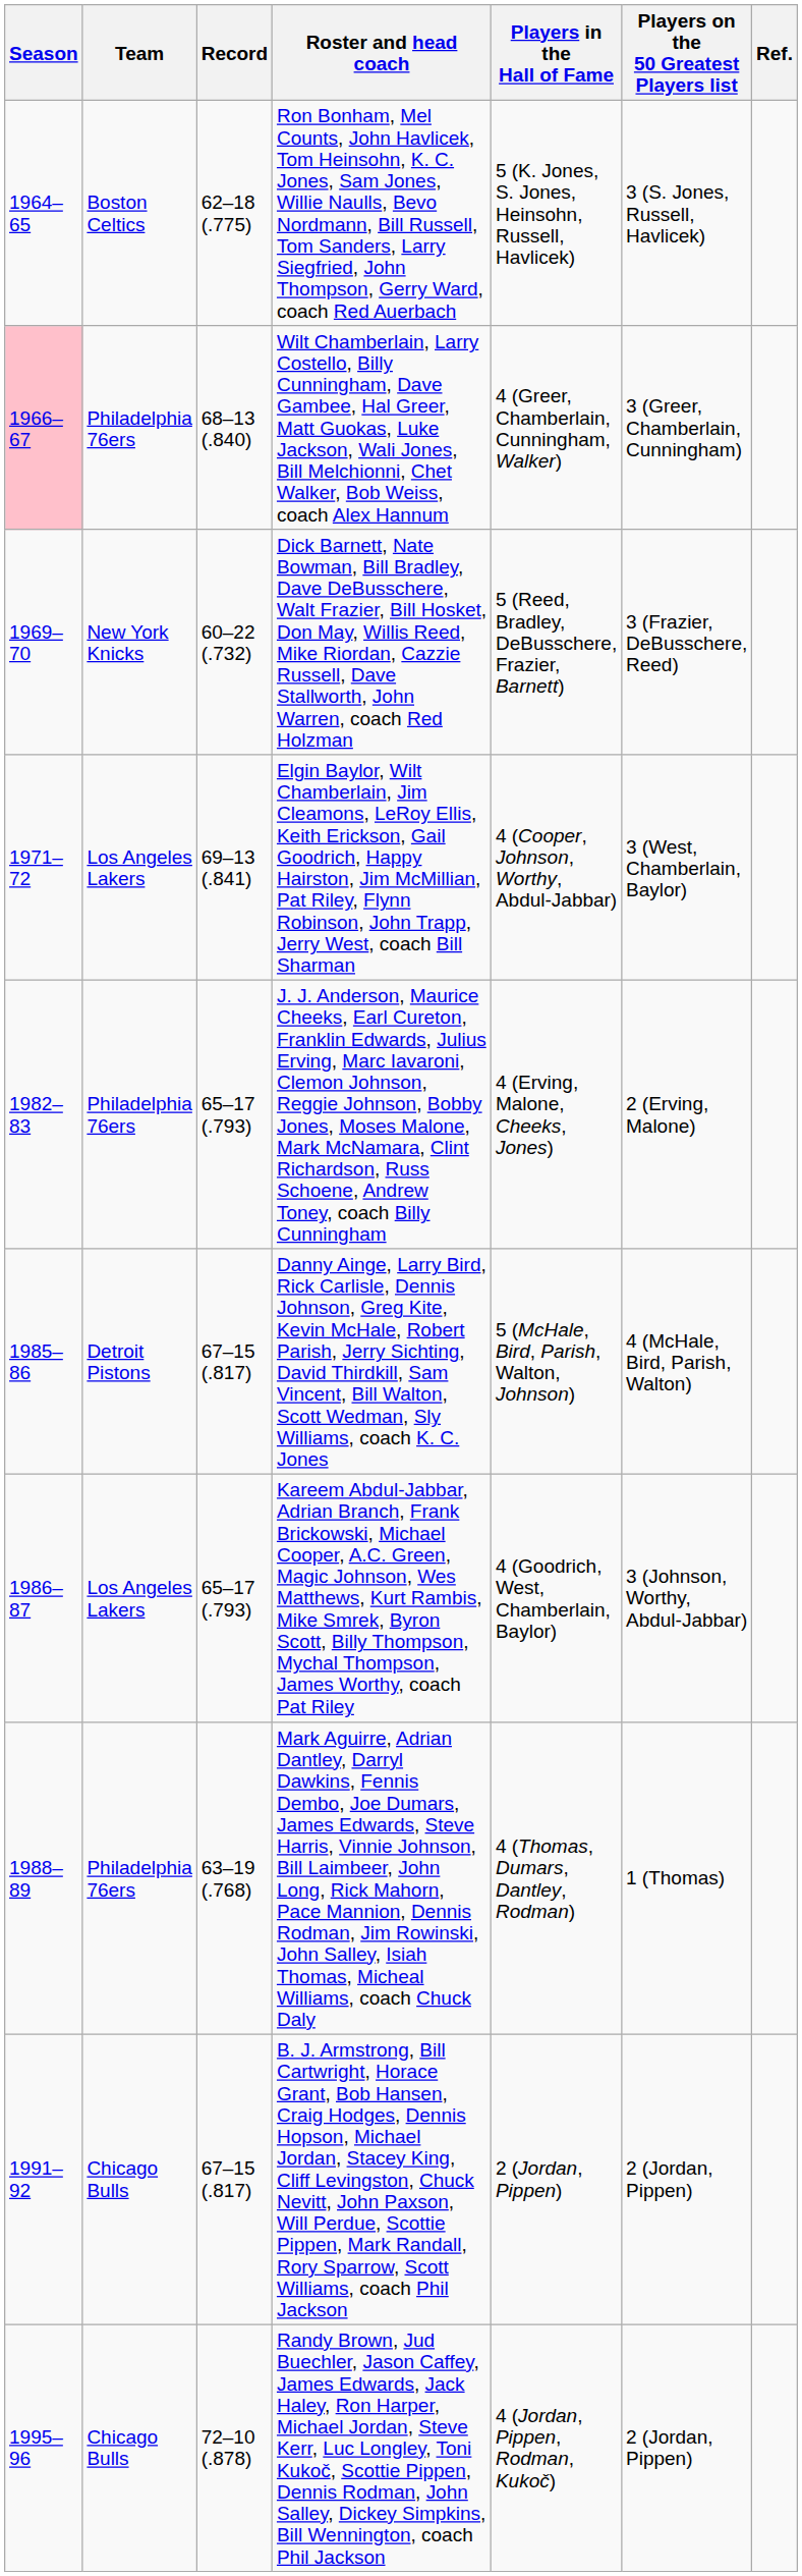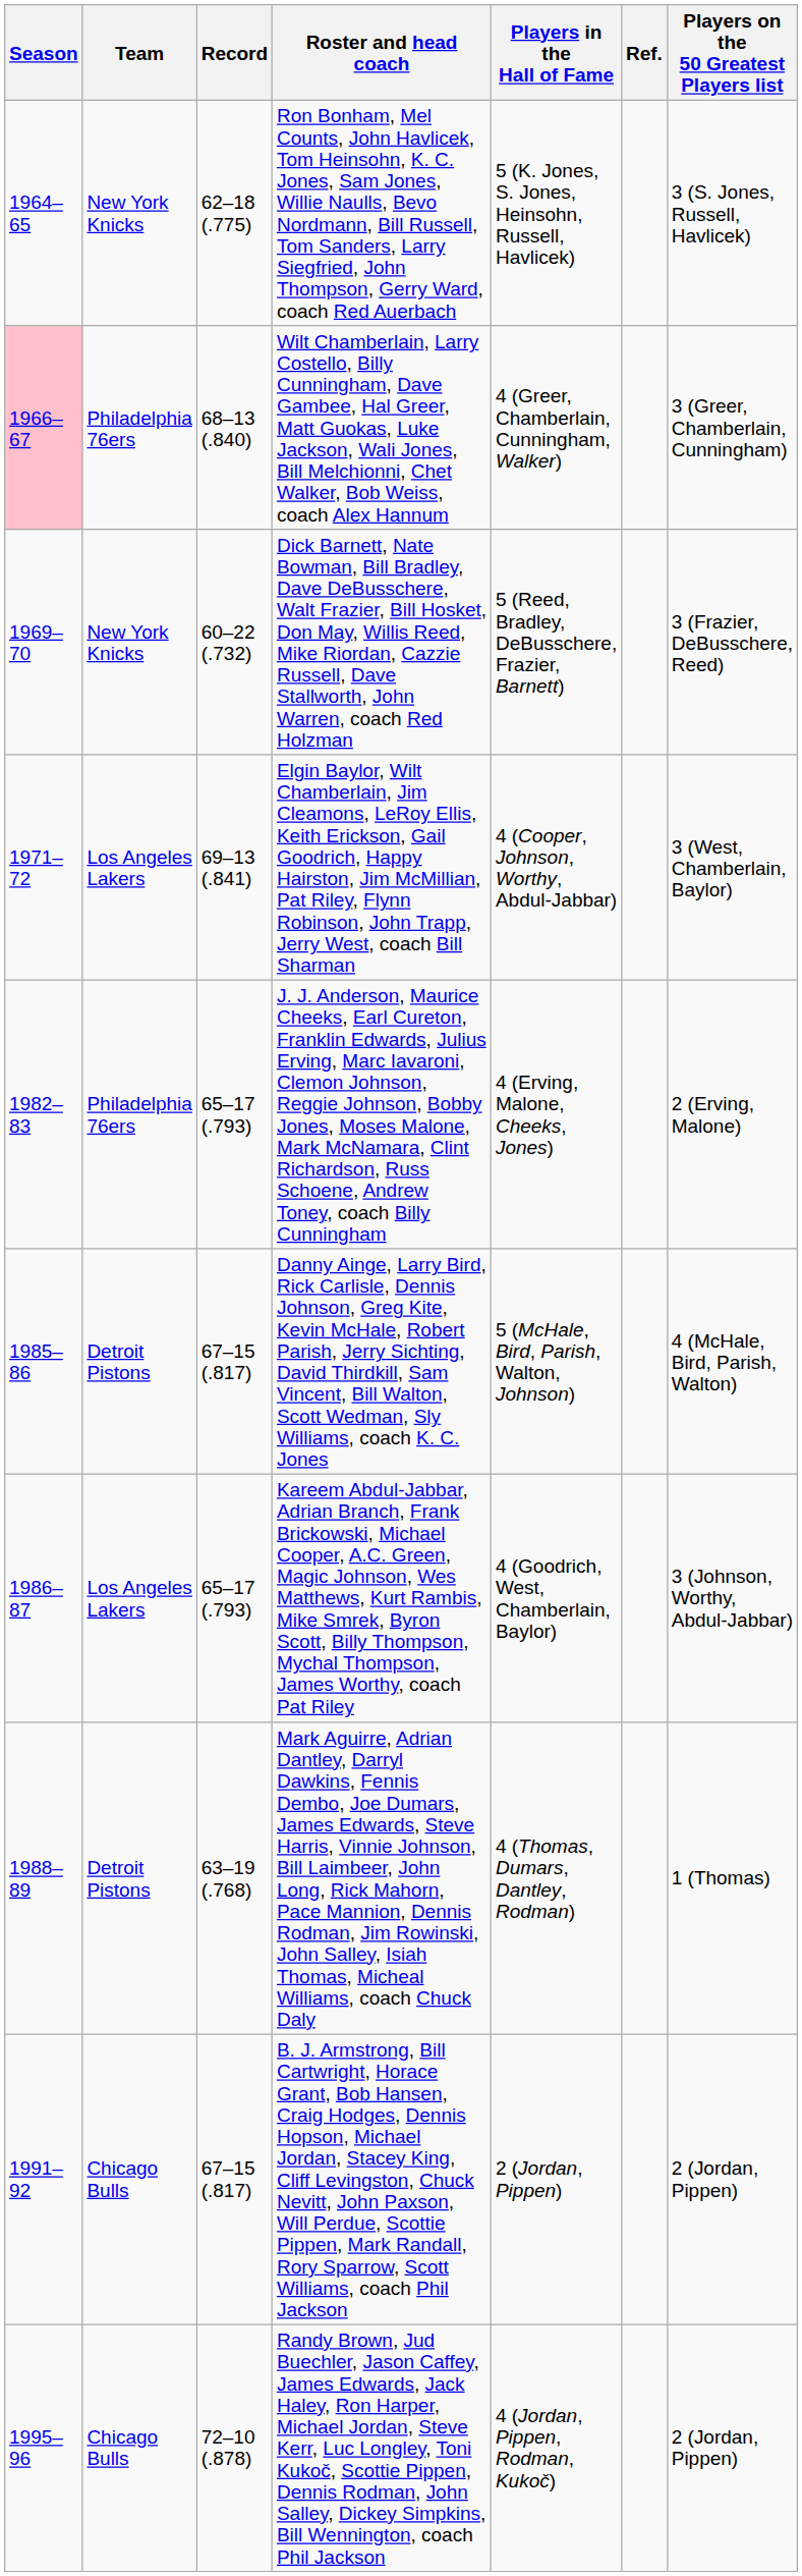 <table class="wikitable sortable" style="font-size:95%; width:100%">
 <tr>
 <th style="width:6%;"><a href='#'>Season</a></th>
 <th style="width:10%;">Team</th>
 <th style="width:4%;">Record</th>
 <th style="width:36%;" class="unsortable">Roster and <a href='#'>head coach</a></th>
 <th style="width:16%;"><a href='#'>Players</a> in the<br> <a href='#'>Hall of Fame</a></th>
+<th style="width:2%;" class="unsortable">Ref.</th>
 <th style="width:16%;">Players on the<br><a href='#'>50 Greatest Players list</a></th>
-<th style="width:2%;" class="unsortable">Ref.</th>
 </tr>
 <tr>
 <td><a href='#'>1964–65</a></td>
-<td><a href='#'>Boston Celtics</a></td>
+<td><a href='#'>New York Knicks</a></td>
 <td> 62–18 (.775)</td>
 <td><a href='#'>Ron Bonham</a>, <a href='#'>Mel Counts</a>, <a href='#'>John Havlicek</a>, <a href='#'>Tom Heinsohn</a>, <a href='#'>K. C. Jones</a>, <a href='#'>Sam Jones</a>, <a href='#'>Willie Naulls</a>, <a href='#'>Bevo Nordmann</a>, <a href='#'>Bill Russell</a>, <a href='#'>Tom Sanders</a>, <a href='#'>Larry Siegfried</a>, <a href='#'>John Thompson</a>, <a href='#'>Gerry Ward</a>, coach <a href='#'>Red Auerbach</a></td>
 <td> 5 (K. Jones, S. Jones, Heinsohn, Russell, Havlicek)</td>
+<td align=center></td>
 <td> 3 (S. Jones, Russell, Havlicek)</td>
-<td align=center></td>
 </tr>
 <tr>
 <td style="background: pink;"><a href='#'>1966–67</a></td>
 <td><a href='#'>Philadelphia 76ers</a></td>
 <td> 68–13 (.840)</td>
 <td><a href='#'>Wilt Chamberlain</a>, <a href='#'>Larry Costello</a>, <a href='#'>Billy Cunningham</a>, <a href='#'>Dave Gambee</a>, <a href='#'>Hal Greer</a>, <a href='#'>Matt Guokas</a>, <a href='#'>Luke Jackson</a>, <a href='#'>Wali Jones</a>, <a href='#'>Bill Melchionni</a>, <a href='#'>Chet Walker</a>, <a href='#'>Bob Weiss</a>, coach <a href='#'>Alex Hannum</a></td>
 <td> 4 (Greer, Chamberlain, Cunningham, <em>Walker</em>)</td>
+<td align=center></td>
 <td> 3 (Greer, Chamberlain, Cunningham)</td>
-<td align=center></td>
 </tr>
 <tr>
 <td><a href='#'>1969–70</a></td>
 <td><a href='#'>New York Knicks</a></td>
 <td> 60–22 (.732)</td>
 <td><a href='#'>Dick Barnett</a>, <a href='#'>Nate Bowman</a>, <a href='#'>Bill Bradley</a>, <a href='#'>Dave DeBusschere</a>, <a href='#'>Walt Frazier</a>, <a href='#'>Bill Hosket</a>, <a href='#'>Don May</a>, <a href='#'>Willis Reed</a>, <a href='#'>Mike Riordan</a>, <a href='#'>Cazzie Russell</a>, <a href='#'>Dave Stallworth</a>, <a href='#'>John Warren</a>, coach <a href='#'>Red Holzman</a></td>
 <td> 5 (Reed, Bradley, DeBusschere, Frazier, <em>Barnett</em>)</td>
+<td align=center></td>
 <td> 3 (Frazier, DeBusschere, Reed)</td>
-<td align=center></td>
 </tr>
 <tr>
 <td><a href='#'>1971–72</a></td>
 <td><a href='#'>Los Angeles Lakers</a></td>
 <td> 69–13 (.841)</td>
 <td><a href='#'>Elgin Baylor</a>, <a href='#'>Wilt Chamberlain</a>, <a href='#'>Jim Cleamons</a>, <a href='#'>LeRoy Ellis</a>, <a href='#'>Keith Erickson</a>, <a href='#'>Gail Goodrich</a>, <a href='#'>Happy Hairston</a>, <a href='#'>Jim McMillian</a>, <a href='#'>Pat Riley</a>, <a href='#'>Flynn Robinson</a>, <a href='#'>John Trapp</a>, <a href='#'>Jerry West</a>, coach <a href='#'>Bill Sharman</a></td>
 <td> 4 (<em>Cooper</em>, <em>Johnson</em>, <em>Worthy</em>, Abdul-Jabbar)</td>
+<td align=center></td>
 <td> 3 (West, Chamberlain, Baylor)</td>
-<td align=center></td>
 </tr>
 <tr>
 <td><a href='#'>1982–83</a></td>
 <td><a href='#'>Philadelphia 76ers</a></td>
 <td> 65–17 (.793)</td>
 <td><a href='#'>J. J. Anderson</a>, <a href='#'>Maurice Cheeks</a>, <a href='#'>Earl Cureton</a>, <a href='#'>Franklin Edwards</a>, <a href='#'>Julius Erving</a>, <a href='#'>Marc Iavaroni</a>, <a href='#'>Clemon Johnson</a>, <a href='#'>Reggie Johnson</a>, <a href='#'>Bobby Jones</a>, <a href='#'>Moses Malone</a>, <a href='#'>Mark McNamara</a>, <a href='#'>Clint Richardson</a>, <a href='#'>Russ Schoene</a>, <a href='#'>Andrew Toney</a>, coach <a href='#'>Billy Cunningham</a></td>
 <td>4 (Erving, Malone, <em>Cheeks</em>, <em>Jones</em>)</td>
+<td align=center></td>
 <td> 2 (Erving, Malone)</td>
-<td align=center></td>
 </tr>
 <tr>
 <td><a href='#'>1985–86</a></td>
 <td><a href='#'>Detroit Pistons</a></td>
 <td> 67–15 (.817)</td>
 <td><a href='#'>Danny Ainge</a>, <a href='#'>Larry Bird</a>, <a href='#'>Rick Carlisle</a>, <a href='#'>Dennis Johnson</a>, <a href='#'>Greg Kite</a>, <a href='#'>Kevin McHale</a>, <a href='#'>Robert Parish</a>, <a href='#'>Jerry Sichting</a>, <a href='#'>David Thirdkill</a>, <a href='#'>Sam Vincent</a>, <a href='#'>Bill Walton</a>, <a href='#'>Scott Wedman</a>, <a href='#'>Sly Williams</a>, coach <a href='#'>K. C. Jones</a></td>
 <td> 5 (<em>McHale</em>, <em>Bird</em>, <em>Parish</em>, Walton, <em>Johnson</em>)</td>
+<td align=center></td>
 <td> 4 (McHale, Bird, Parish, Walton)</td>
-<td align=center></td>
 </tr>
 <tr>
 <td><a href='#'>1986–87</a></td>
 <td><a href='#'>Los Angeles Lakers</a></td>
 <td> 65–17 (.793)</td>
 <td><a href='#'>Kareem Abdul-Jabbar</a>, <a href='#'>Adrian Branch</a>, <a href='#'>Frank Brickowski</a>, <a href='#'>Michael Cooper</a>, <a href='#'>A.C. Green</a>, <a href='#'>Magic Johnson</a>, <a href='#'>Wes Matthews</a>, <a href='#'>Kurt Rambis</a>, <a href='#'>Mike Smrek</a>, <a href='#'>Byron Scott</a>, <a href='#'>Billy Thompson</a>, <a href='#'>Mychal Thompson</a>, <a href='#'>James Worthy</a>, coach <a href='#'>Pat Riley</a></td>
 <td> 4 (Goodrich, West, Chamberlain, Baylor)</td>
+<td align=center></td>
 <td> 3 (Johnson, Worthy, Abdul-Jabbar)</td>
-<td align=center></td>
 </tr>
 <tr>
 <td><a href='#'>1988–89</a></td>
-<td><a href='#'>Philadelphia 76ers</a></td>
+<td><a href='#'>Detroit Pistons</a></td>
 <td> 63–19 (.768)</td>
 <td><a href='#'>Mark Aguirre</a>, <a href='#'>Adrian Dantley</a>, <a href='#'>Darryl Dawkins</a>, <a href='#'>Fennis Dembo</a>, <a href='#'>Joe Dumars</a>, <a href='#'>James Edwards</a>, <a href='#'>Steve Harris</a>, <a href='#'>Vinnie Johnson</a>, <a href='#'>Bill Laimbeer</a>, <a href='#'>John Long</a>, <a href='#'>Rick Mahorn</a>, <a href='#'>Pace Mannion</a>, <a href='#'>Dennis Rodman</a>, <a href='#'>Jim Rowinski</a>, <a href='#'>John Salley</a>, <a href='#'>Isiah Thomas</a>, <a href='#'>Micheal Williams</a>, coach <a href='#'>Chuck Daly</a></td>
 <td> 4 (<em>Thomas</em>, <em>Dumars</em>, <em>Dantley</em>, <em>Rodman</em>)</td>
+<td align=center></td>
 <td> 1 (Thomas)</td>
-<td align=center></td>
 </tr>
 <tr>
 <td><a href='#'>1991–92</a></td>
 <td><a href='#'>Chicago Bulls</a></td>
 <td> 67–15 (.817)</td>
 <td><a href='#'>B. J. Armstrong</a>, <a href='#'>Bill Cartwright</a>, <a href='#'>Horace Grant</a>, <a href='#'>Bob Hansen</a>, <a href='#'>Craig Hodges</a>, <a href='#'>Dennis Hopson</a>, <a href='#'>Michael Jordan</a>, <a href='#'>Stacey King</a>, <a href='#'>Cliff Levingston</a>, <a href='#'>Chuck Nevitt</a>, <a href='#'>John Paxson</a>, <a href='#'>Will Perdue</a>, <a href='#'>Scottie Pippen</a>, <a href='#'>Mark Randall</a>, <a href='#'>Rory Sparrow</a>, <a href='#'>Scott Williams</a>, coach <a href='#'>Phil Jackson</a></td>
 <td> 2 (<em>Jordan</em>, <em>Pippen</em>)</td>
+<td align=center></td>
 <td> 2 (Jordan, Pippen)</td>
-<td align=center></td>
 </tr>
 <tr>
 <td><a href='#'>1995–96</a></td>
 <td><a href='#'>Chicago Bulls</a></td>
 <td> 72–10 (.878)</td>
 <td><a href='#'>Randy Brown</a>, <a href='#'>Jud Buechler</a>, <a href='#'>Jason Caffey</a>, <a href='#'>James Edwards</a>, <a href='#'>Jack Haley</a>, <a href='#'>Ron Harper</a>, <a href='#'>Michael Jordan</a>, <a href='#'>Steve Kerr</a>, <a href='#'>Luc Longley</a>, <a href='#'>Toni Kukoč</a>, <a href='#'>Scottie Pippen</a>, <a href='#'>Dennis Rodman</a>, <a href='#'>John Salley</a>, <a href='#'>Dickey Simpkins</a>, <a href='#'>Bill Wennington</a>, coach <a href='#'>Phil Jackson</a></td>
 <td> 4 (<em>Jordan</em>, <em>Pippen</em>, <em>Rodman</em>, <em>Kukoč</em>)</td>
+<td align=center></td>
 <td> 2 (Jordan, Pippen)</td>
-<td align=center></td>
 </tr>
 </table>
